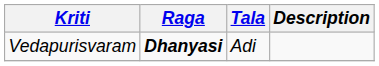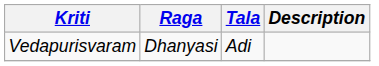 <table class="wikitable">
 <tr>
 <th><em><a href='#'>Kriti</a></em></th>
 <th><em><a href='#'>Raga</a></em></th>
 <th><em><a href='#'>Tala</a></em></th>
 <th><em>Description</em></th>
 </tr>
 <tr>
 <td><em>Vedapurisvaram</em></td>
-<td><strong><em>Dhanyasi</em></strong></td>
+<td><em>Dhanyasi</em></td>
 <td><em>Adi</em></td>
 <td></td>
 </tr>
 <tr>
 </tr>
 </table>
